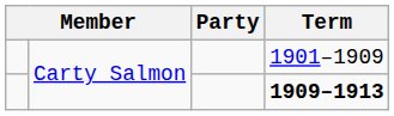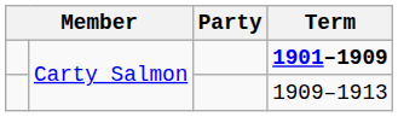 <table class="wikitable">
 <tr>
 <th colspan="2">Member</th>
 <th>Party</th>
 <th>Term</th>
 </tr>
 <tr>
 <td> </td>
 <td rowspan="2"><a href='#'>Carty Salmon</a></td>
 <td></td>
-<td><a href='#'>1901</a>–1909</td>
+<td><strong><a href='#'>1901</a>–1909</strong></td>
 </tr>
 <tr>
 <td> </td>
 <td></td>
-<td><strong>1909–1913</strong></td>
+<td>1909–1913</td>
 </tr>
 </table>
